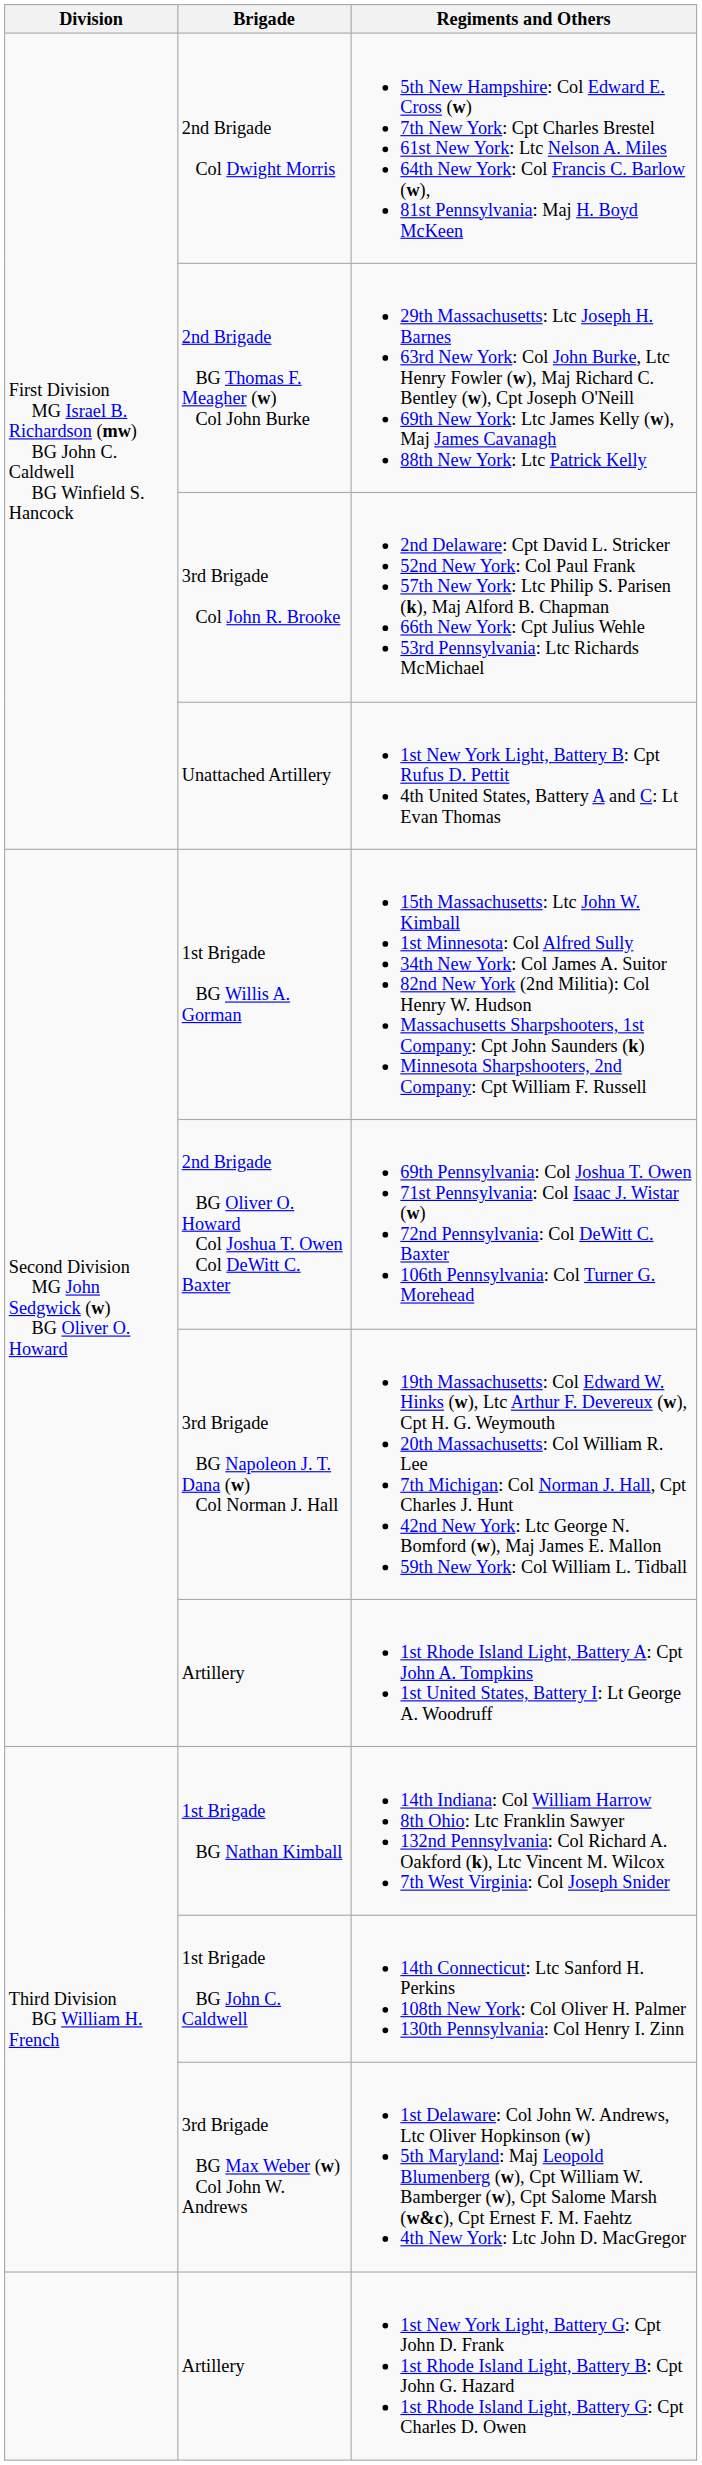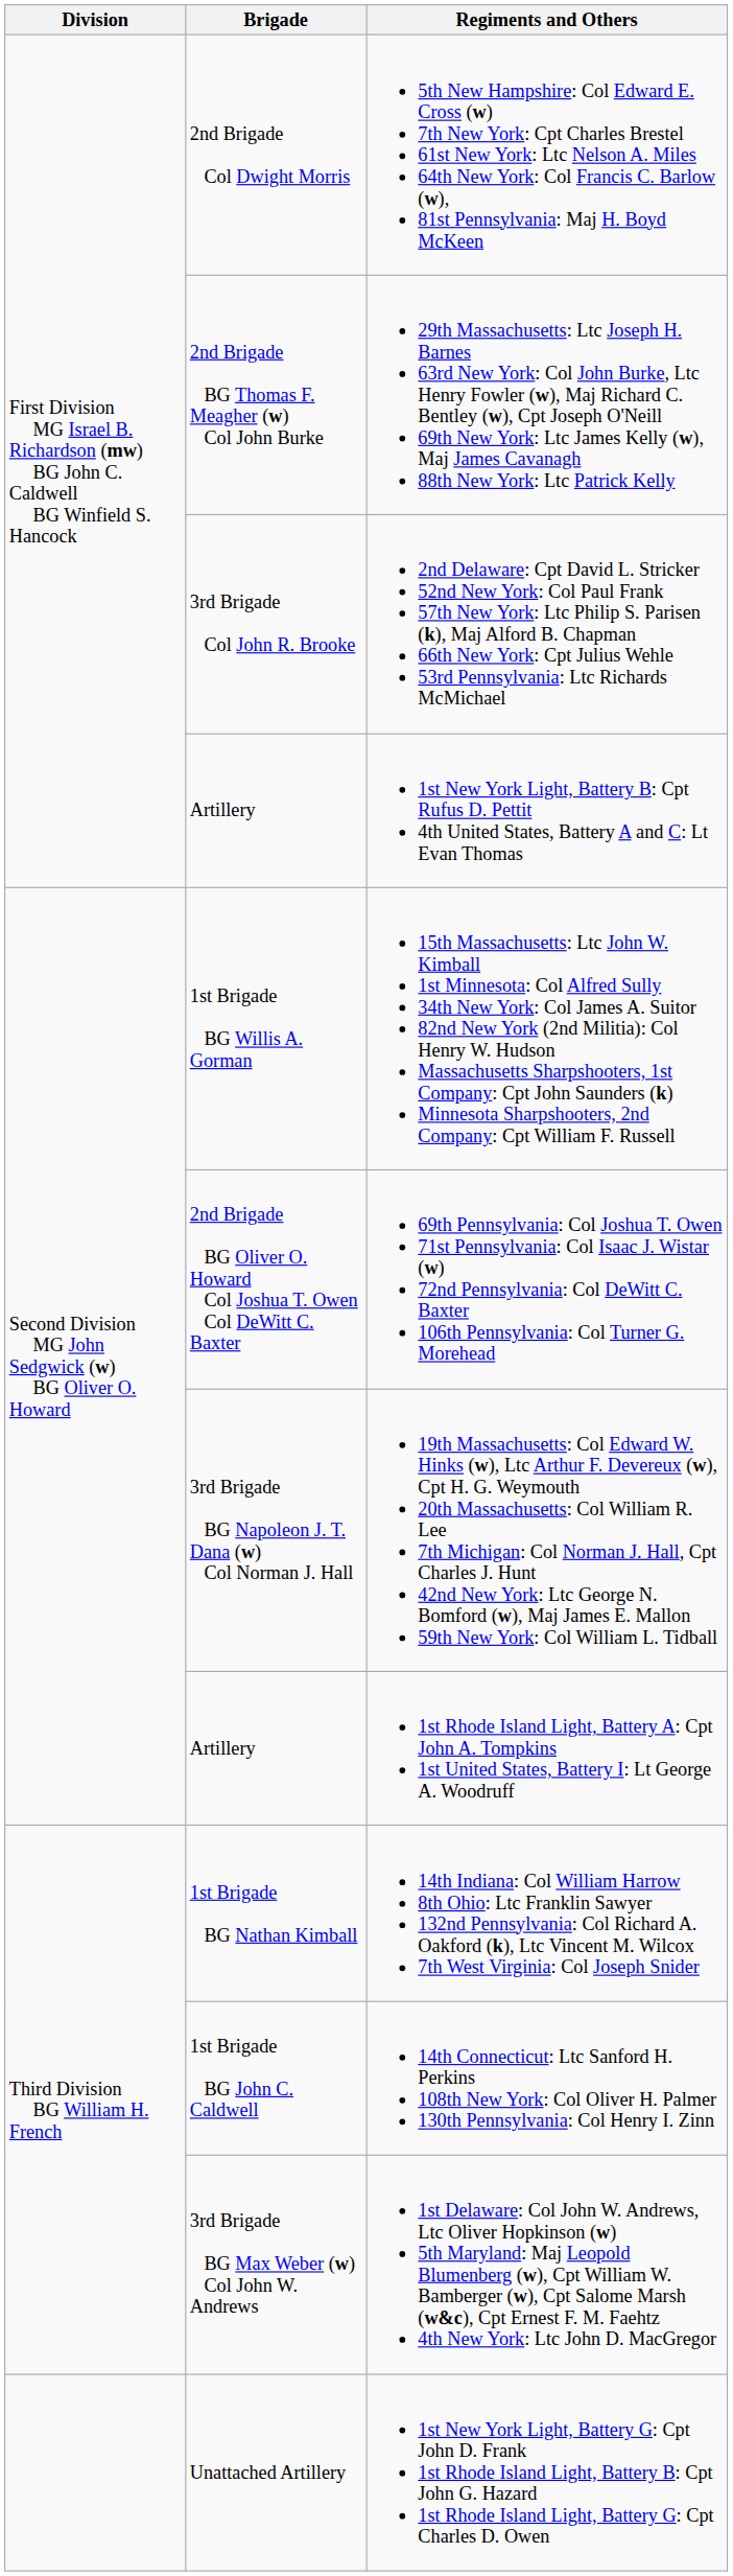 <table class="wikitable">
 <tr>
 <th width=25%>Division</th>
 <th width=25%>Brigade</th>
 <th>Regiments and Others</th>
 </tr>
 <tr>
 <td rowspan=4><br>First Division <br>     MG <a href='#'>Israel B. Richardson</a> (<strong>mw</strong>) <br>     BG John C. Caldwell <br>     BG Winfield S. Hancock</td>
 <td>2nd Brigade<br><br>   Col <a href='#'>Dwight Morris</a></td>
 <td><br><ul><li><a href='#'>5th New Hampshire</a>: Col <a href='#'>Edward E. Cross</a> (<strong>w</strong>)</li><li><a href='#'>7th New York</a>: Cpt Charles Brestel</li><li><a href='#'>61st New York</a>: Ltc <a href='#'>Nelson A. Miles</a></li><li><a href='#'>64th New York</a>: Col <a href='#'>Francis C. Barlow</a> (<strong>w</strong>),</li><li><a href='#'>81st Pennsylvania</a>: Maj <a href='#'>H. Boyd McKeen</a></li></ul></td>
 </tr>
 <tr>
 <td><a href='#'>2nd Brigade</a><br><br>   BG <a href='#'>Thomas F. Meagher</a> (<strong>w</strong>) <br>   Col John Burke</td>
 <td><br><ul><li><a href='#'>29th Massachusetts</a>: Ltc <a href='#'>Joseph H. Barnes</a></li><li><a href='#'>63rd New York</a>: Col <a href='#'>John Burke</a>, Ltc Henry Fowler (<strong>w</strong>), Maj Richard C. Bentley (<strong>w</strong>), Cpt Joseph O'Neill</li><li><a href='#'>69th New York</a>: Ltc James Kelly (<strong>w</strong>), Maj <a href='#'>James Cavanagh</a></li><li><a href='#'>88th New York</a>: Ltc <a href='#'>Patrick Kelly</a></li></ul></td>
 </tr>
 <tr>
 <td>3rd Brigade<br><br>   Col <a href='#'>John R. Brooke</a></td>
 <td><br><ul><li><a href='#'>2nd Delaware</a>: Cpt David L. Stricker</li><li><a href='#'>52nd New York</a>: Col Paul Frank</li><li><a href='#'>57th New York</a>: Ltc Philip S. Parisen (<strong>k</strong>), Maj Alford B. Chapman</li><li><a href='#'>66th New York</a>: Cpt Julius Wehle</li><li><a href='#'>53rd Pennsylvania</a>: Ltc Richards McMichael</li></ul></td>
 </tr>
 <tr>
-<td>Unattached Artillery</td>
+<td>Artillery</td>
 <td><br><ul><li><a href='#'>1st New York Light, Battery B</a>: Cpt <a href='#'>Rufus D. Pettit</a></li><li>4th United States, Battery <a href='#'>A</a> and <a href='#'> C</a>: Lt Evan Thomas</li></ul></td>
 </tr>
 <tr>
 <td rowspan=4><br>Second Division <br>     MG <a href='#'>John Sedgwick</a> (<strong>w</strong>) <br>     BG <a href='#'>Oliver O. Howard</a></td>
 <td>1st Brigade<br><br>   BG <a href='#'>Willis A. Gorman</a></td>
 <td><br><ul><li><a href='#'>15th Massachusetts</a>: Ltc <a href='#'>John W. Kimball</a></li><li><a href='#'>1st Minnesota</a>: Col <a href='#'>Alfred Sully</a></li><li><a href='#'>34th New York</a>: Col James A. Suitor</li><li><a href='#'>82nd New York</a> (2nd Militia): Col Henry W. Hudson</li><li><a href='#'>Massachusetts Sharpshooters, 1st Company</a>: Cpt John Saunders (<strong>k</strong>)</li><li><a href='#'>Minnesota Sharpshooters, 2nd Company</a>: Cpt William F. Russell</li></ul></td>
 </tr>
 <tr>
 <td><a href='#'>2nd Brigade</a><br><br>   BG <a href='#'>Oliver O. Howard</a> <br>   Col <a href='#'>Joshua T. Owen</a> <br>   Col <a href='#'>DeWitt C. Baxter</a></td>
 <td><br><ul><li><a href='#'>69th Pennsylvania</a>: Col <a href='#'>Joshua T. Owen</a></li><li><a href='#'>71st Pennsylvania</a>: Col <a href='#'>Isaac J. Wistar</a> (<strong>w</strong>)</li><li><a href='#'>72nd Pennsylvania</a>: Col <a href='#'>DeWitt C. Baxter</a></li><li><a href='#'>106th Pennsylvania</a>: Col <a href='#'>Turner G. Morehead</a></li></ul></td>
 </tr>
 <tr>
 <td>3rd Brigade<br><br>   BG <a href='#'>Napoleon J. T. Dana</a> (<strong>w</strong>) <br>   Col Norman J. Hall</td>
 <td><br><ul><li><a href='#'>19th Massachusetts</a>: Col <a href='#'>Edward W. Hinks</a> (<strong>w</strong>), Ltc <a href='#'>Arthur F. Devereux</a> (<strong>w</strong>), Cpt H. G. Weymouth</li><li><a href='#'>20th Massachusetts</a>: Col William R. Lee</li><li><a href='#'>7th Michigan</a>: Col <a href='#'>Norman J. Hall</a>, Cpt Charles J. Hunt</li><li><a href='#'>42nd New York</a>: Ltc George N. Bomford (<strong>w</strong>), Maj James E. Mallon</li><li><a href='#'>59th New York</a>: Col William L. Tidball</li></ul></td>
 </tr>
 <tr>
 <td>Artillery</td>
 <td><br><ul><li><a href='#'>1st Rhode Island Light, Battery A</a>: Cpt <a href='#'>John A. Tompkins</a></li><li><a href='#'>1st United States, Battery I</a>: Lt George A. Woodruff</li></ul></td>
 </tr>
 <tr>
 <td rowspan=3><br>Third Division <br>     BG <a href='#'>William H. French</a></td>
 <td><a href='#'>1st Brigade</a><br><br>   BG <a href='#'>Nathan Kimball</a></td>
 <td><br><ul><li><a href='#'>14th Indiana</a>: Col <a href='#'>William Harrow</a></li><li><a href='#'>8th Ohio</a>: Ltc Franklin Sawyer</li><li><a href='#'>132nd Pennsylvania</a>: Col Richard A. Oakford (<strong>k</strong>), Ltc Vincent M. Wilcox</li><li><a href='#'>7th West Virginia</a>: Col <a href='#'>Joseph Snider</a></li></ul></td>
 </tr>
 <tr>
 <td>1st Brigade<br><br>   BG <a href='#'>John C. Caldwell</a></td>
 <td><br><ul><li><a href='#'>14th Connecticut</a>: Ltc Sanford H. Perkins</li><li><a href='#'>108th New York</a>: Col Oliver H. Palmer</li><li><a href='#'>130th Pennsylvania</a>: Col Henry I. Zinn</li></ul></td>
 </tr>
 <tr>
 <td>3rd Brigade<br><br>   BG <a href='#'>Max Weber</a> (<strong>w</strong>) <br>   Col John W. Andrews</td>
 <td><br><ul><li><a href='#'>1st Delaware</a>: Col John W. Andrews, Ltc Oliver Hopkinson (<strong>w</strong>)</li><li><a href='#'>5th Maryland</a>: Maj <a href='#'>Leopold Blumenberg</a> (<strong>w</strong>), Cpt William W. Bamberger (<strong>w</strong>), Cpt Salome Marsh (<strong>w&c</strong>), Cpt Ernest F. M. Faehtz</li><li><a href='#'>4th New York</a>: Ltc John D. MacGregor</li></ul></td>
 </tr>
 <tr>
 <td></td>
-<td>Artillery</td>
+<td>Unattached Artillery</td>
 <td><br><ul><li><a href='#'>1st New York Light, Battery G</a>: Cpt John D. Frank</li><li><a href='#'>1st Rhode Island Light, Battery B</a>: Cpt John G. Hazard</li><li><a href='#'>1st Rhode Island Light, Battery G</a>: Cpt Charles D. Owen</li></ul></td>
 </tr>
 </table>
